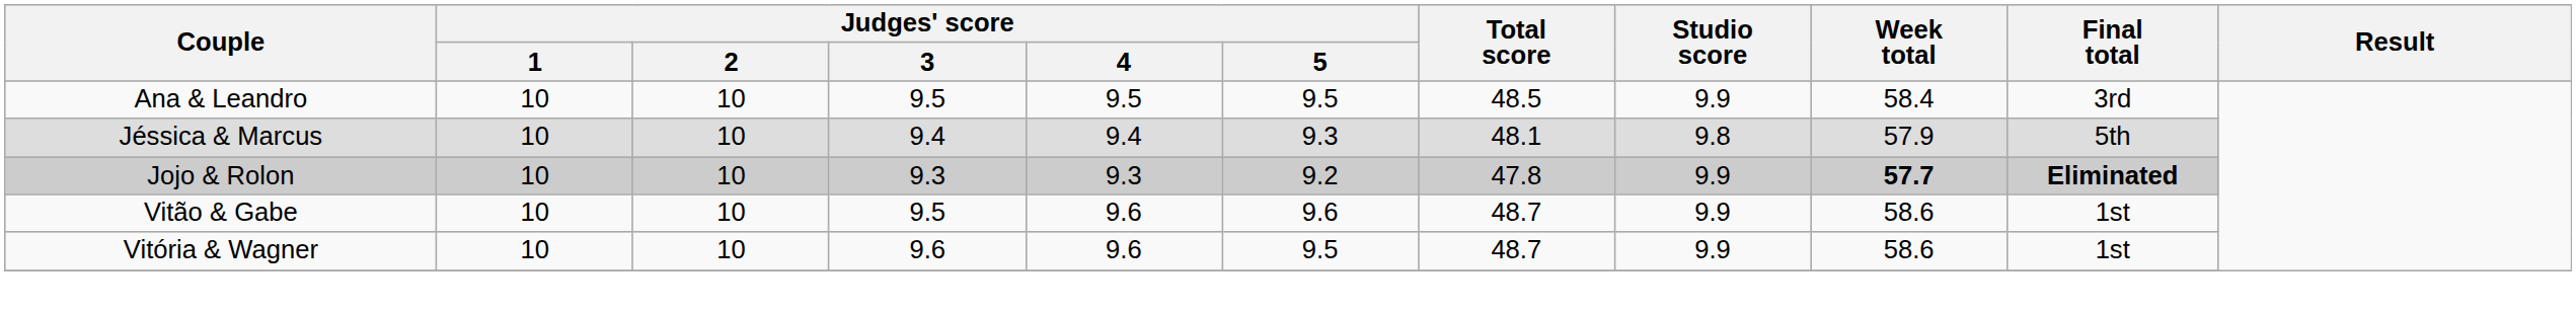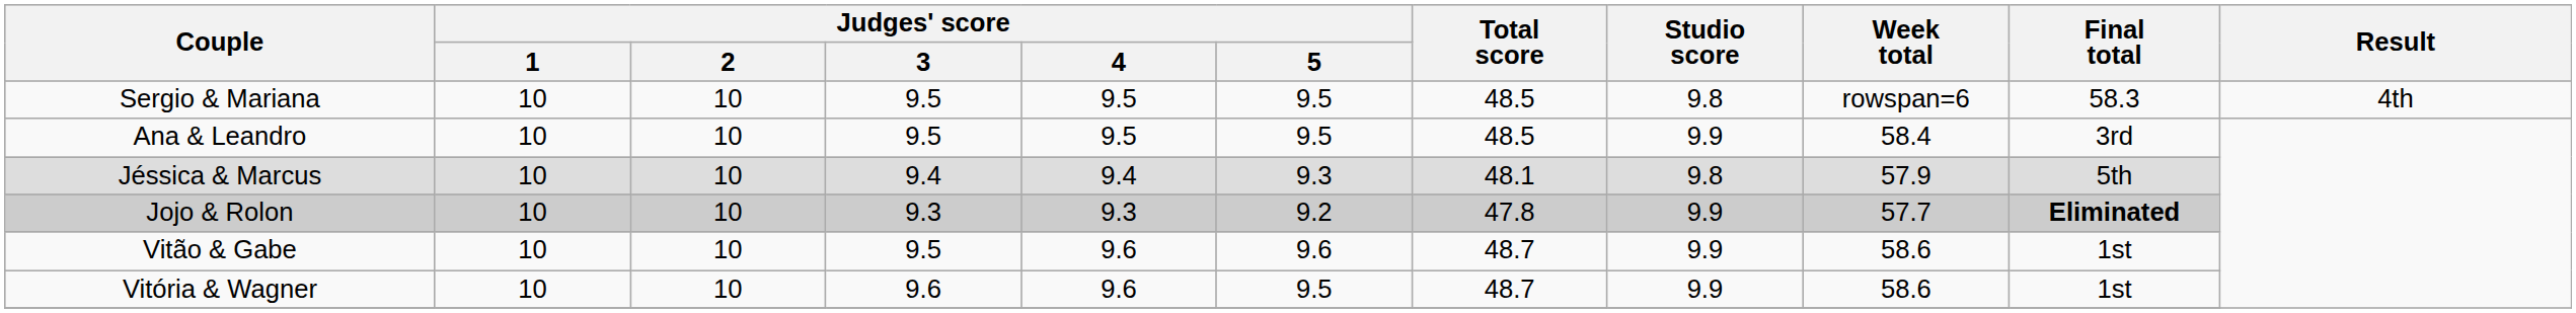 <table class="wikitable" style="font-size:100%; line-height:16px; text-align:center" width="100%">
 <tr>
 <th rowspan=2 width="11.00%">Couple</th>
 <th colspan=5 width="25.00%">Judges' score</th>
 <th rowspan=2 width="05.00%">Total<br>score</th>
 <th rowspan=2 width="05.00%">Studio<br>score</th>
 <th rowspan=2 width="05.00%">Week<br>total</th>
 <th rowspan=2 width="05.00%">Final<br>total</th>
 <th rowspan=2 width="09.00%">Result</th>
 </tr>
 <tr>
 <th width="05.0%">1</th>
 <th width="05.0%">2</th>
 <th width="05.0%">3</th>
 <th width="05.0%">4</th>
 <th width="05.0%">5</th>
+</tr>
+<tr>
+<td>Sergio & Mariana</td>
+<td>10</td>
+<td>10</td>
+<td>9.5</td>
+<td>9.5</td>
+<td>9.5</td>
+<td>48.5</td>
+<td>9.8</td>
+<td>rowspan=6 </td>
+<td>58.3</td>
+<td>4th</td>
 </tr>
 <tr>
 <td>Ana & Leandro</td>
 <td>10</td>
 <td>10</td>
 <td>9.5</td>
 <td>9.5</td>
 <td>9.5</td>
 <td>48.5</td>
 <td>9.9</td>
 <td>58.4</td>
 <td>3rd</td>
 </tr>
 <tr bgcolor=DDDDDD>
 <td>Jéssica & Marcus</td>
 <td>10</td>
 <td>10</td>
 <td>9.4</td>
 <td>9.4</td>
 <td>9.3</td>
 <td>48.1</td>
 <td>9.8</td>
 <td>57.9</td>
 <td>5th</td>
 </tr>
 <tr bgcolor="CCCCCC">
 <td>Jojo & Rolon</td>
 <td>10</td>
 <td>10</td>
 <td>9.3</td>
 <td>9.3</td>
 <td>9.2</td>
 <td>47.8</td>
 <td>9.9</td>
-<td><strong>57.7</strong></td>
+<td>57.7</td>
 <td><strong>Eliminated</strong></td>
 </tr>
 <tr>
 <td>Vitão & Gabe</td>
 <td>10</td>
 <td>10</td>
 <td>9.5</td>
 <td>9.6</td>
 <td>9.6</td>
 <td>48.7</td>
 <td>9.9</td>
 <td>58.6</td>
 <td>1st</td>
 </tr>
 <tr>
 <td>Vitória & Wagner</td>
 <td>10</td>
 <td>10</td>
 <td>9.6</td>
 <td>9.6</td>
 <td>9.5</td>
 <td>48.7</td>
 <td>9.9</td>
 <td>58.6</td>
 <td>1st</td>
 </tr>
 <tr>
 </tr>
 </table>
